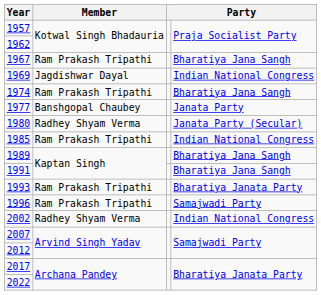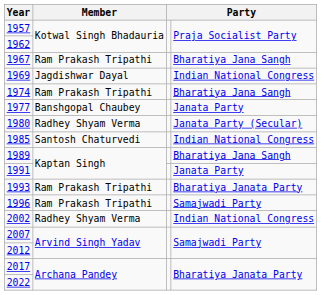 <table class="wikitable">
 <tr>
 <th>Year</th>
 <th>Member</th>
 <th colspan="2">Party</th>
 </tr>
 <tr>
 <td><a href='#'>1957</a></td>
 <td rowspan="2">Kotwal Singh Bhadauria</td>
 <td rowspan="2" style="background-color: "></td>
 <td rowspan="2"><a href='#'>Praja Socialist Party</a></td>
 </tr>
 <tr>
 <td><a href='#'>1962</a></td>
 </tr>
 <tr>
 <td><a href='#'>1967</a></td>
 <td>Ram Prakash Tripathi</td>
 <td style="background-color: "></td>
 <td><a href='#'>Bharatiya Jana Sangh</a></td>
 </tr>
 <tr>
 <td><a href='#'>1969</a></td>
 <td>Jagdishwar Dayal</td>
 <td style="background-color: "></td>
 <td><a href='#'>Indian National Congress</a></td>
 </tr>
 <tr>
 <td><a href='#'>1974</a></td>
 <td>Ram Prakash Tripathi</td>
 <td style="background-color: "></td>
 <td><a href='#'>Bharatiya Jana Sangh</a></td>
 </tr>
 <tr>
 <td><a href='#'>1977</a></td>
 <td>Banshgopal Chaubey</td>
 <td style="background-color: "></td>
 <td><a href='#'>Janata Party</a></td>
 </tr>
 <tr>
 <td><a href='#'>1980</a></td>
 <td>Radhey Shyam Verma</td>
 <td style="background-color: "></td>
 <td><a href='#'>Janata Party (Secular)</a></td>
 </tr>
 <tr>
 <td><a href='#'>1985</a></td>
-<td>Ram Prakash Tripathi</td>
+<td>Santosh Chaturvedi</td>
 <td style="background-color: "></td>
 <td><a href='#'>Indian National Congress</a></td>
 </tr>
 <tr>
 <td><a href='#'>1989</a></td>
 <td rowspan="2">Kaptan Singh</td>
 <td style="background-color: "></td>
 <td><a href='#'>Bharatiya Jana Sangh</a></td>
 </tr>
 <tr>
 <td><a href='#'>1991</a></td>
 <td style="background-color: "></td>
-<td><a href='#'>Bharatiya Jana Sangh</a></td>
+<td><a href='#'>Janata Party</a></td>
 </tr>
 <tr>
 <td><a href='#'>1993</a></td>
 <td>Ram Prakash Tripathi</td>
 <td style="background-color: "></td>
 <td><a href='#'>Bharatiya Janata Party</a></td>
 </tr>
 <tr>
 <td><a href='#'>1996</a></td>
 <td>Ram Prakash Tripathi</td>
 <td style="background-color: "></td>
 <td><a href='#'>Samajwadi Party</a></td>
 </tr>
 <tr>
 <td><a href='#'>2002</a></td>
 <td>Radhey Shyam Verma</td>
 <td style="background-color: "></td>
 <td><a href='#'>Indian National Congress</a></td>
 </tr>
 <tr>
 <td><a href='#'>2007</a></td>
 <td rowspan="2"><a href='#'>Arvind Singh Yadav</a></td>
 <td rowspan="2" style="background-color: "></td>
 <td rowspan="2"><a href='#'>Samajwadi Party</a></td>
 </tr>
 <tr>
 <td><a href='#'>2012</a></td>
 </tr>
 <tr>
 <td><a href='#'>2017</a></td>
 <td rowspan="2"><a href='#'>Archana Pandey</a></td>
 <td rowspan="2" style="background-color: "></td>
 <td rowspan="2"><a href='#'>Bharatiya Janata Party</a></td>
 </tr>
 <tr>
 <td><a href='#'>2022</a></td>
 </tr>
 </table>
